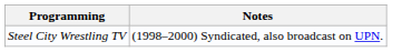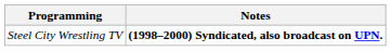 <table class="wikitable" style="background:#fcfdff; font-size:95%;">
 <tr>
 <th>Programming</th>
 <th>Notes</th>
 </tr>
 <tr>
 <td><em>Steel City Wrestling TV</em></td>
-<td>(1998–2000) Syndicated, also broadcast on <a href='#'>UPN</a>.</td>
+<td><strong>(1998–2000) Syndicated, also broadcast on <a href='#'>UPN</a>.</strong></td>
 </tr>
 </table>
